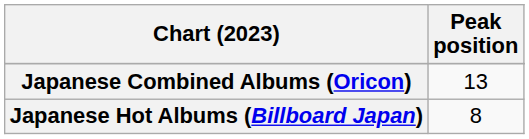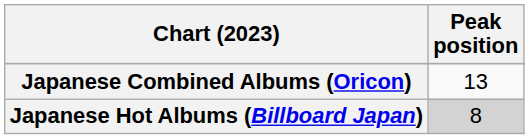 <table class="wikitable sortable plainrowheaders" style="text-align:center;">
 <tr>
 <th scope="col">Chart (2023)</th>
 <th scope="col">Peak<br>position</th>
 </tr>
 <tr>
 </tr>
 <tr>
 <th scope="row">Japanese Combined Albums (<a href='#'>Oricon</a>)</th>
 <td>13</td>
 </tr>
 <tr>
 <th scope="row">Japanese Hot Albums (<em><a href='#'>Billboard Japan</a></em>)</th>
-<td>8</td>
+<td style="background: lightgrey;">8</td>
 </tr>
 </table>
